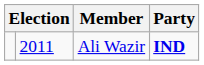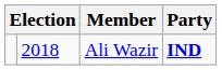 <table class="wikitable">
 <tr>
 <th colspan="2">Election</th>
 <th>Member</th>
 <th>Party</th>
 </tr>
 <tr>
 <td style="background-color: "></td>
-<td><a href='#'>2011</a></td>
+<td><a href='#'>2018</a></td>
 <td><a href='#'>Ali Wazir</a></td>
 <td><strong><a href='#'>IND</a></strong></td>
 </tr>
 </table>
